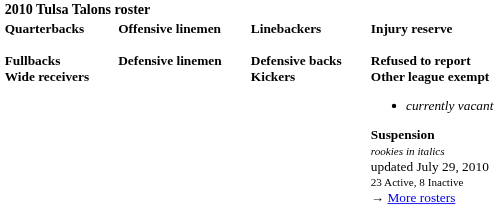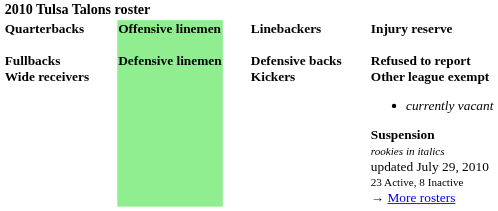 <table class="toccolours" style="text-align: left;">
 <tr>
 <th colspan="7"><strong>2010 Tulsa Talons roster</strong></th>
 </tr>
 <tr>
 <td style="font-size: 95%;" valign="top"><strong>Quarterbacks</strong><br> <br><strong>Fullbacks</strong> <br><strong>Wide receivers</strong>     </td>
 <td style="width: 25px;"></td>
-<td style="font-size: 95%;" valign="top"><strong>Offensive linemen</strong><br>    <br><strong>Defensive linemen</strong>    </td>
+<td style="background: lightgreen; font-size: 95%;" valign="top"><strong>Offensive linemen</strong><br>    <br><strong>Defensive linemen</strong>    </td>
 <td style="width: 25px;"></td>
 <td style="font-size: 95%;" valign="top"><strong>Linebackers</strong><br> <br><strong>Defensive backs</strong>   <br><strong>Kickers</strong> </td>
 <td style="width: 25px;"></td>
 <td style="font-size: 95%;" valign="top"><strong>Injury reserve</strong><br>   <br><strong>Refused to report</strong>   <br><strong>Other league exempt</strong><ul><li><em>currently vacant</em></li></ul><strong>Suspension</strong> <br><small><em>rookies in italics</em></small><br>  updated July 29, 2010<br> <small>23 Active, 8 Inactive</small><br>→ <a href='#'>More rosters</a></td>
 </tr>
 <tr>
 </tr>
 </table>
